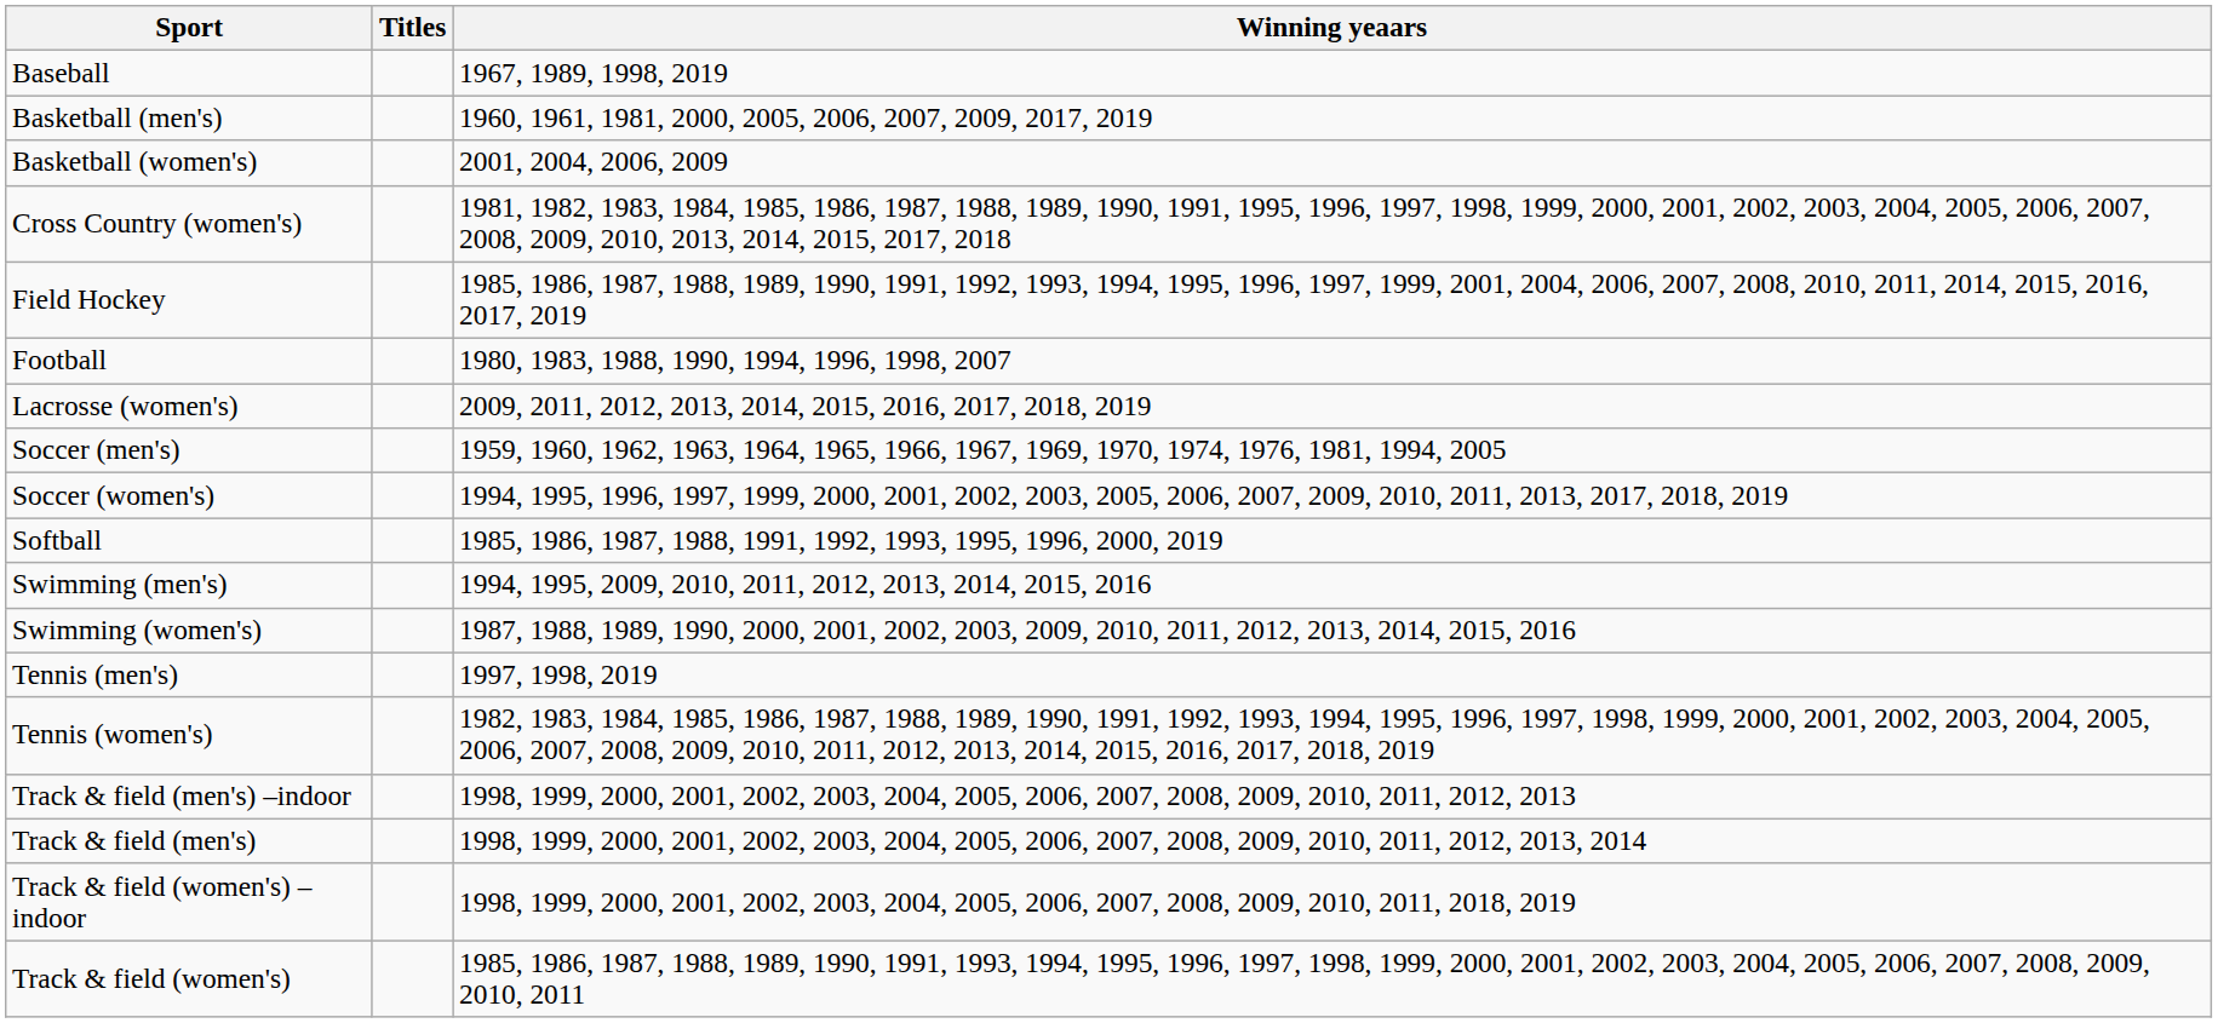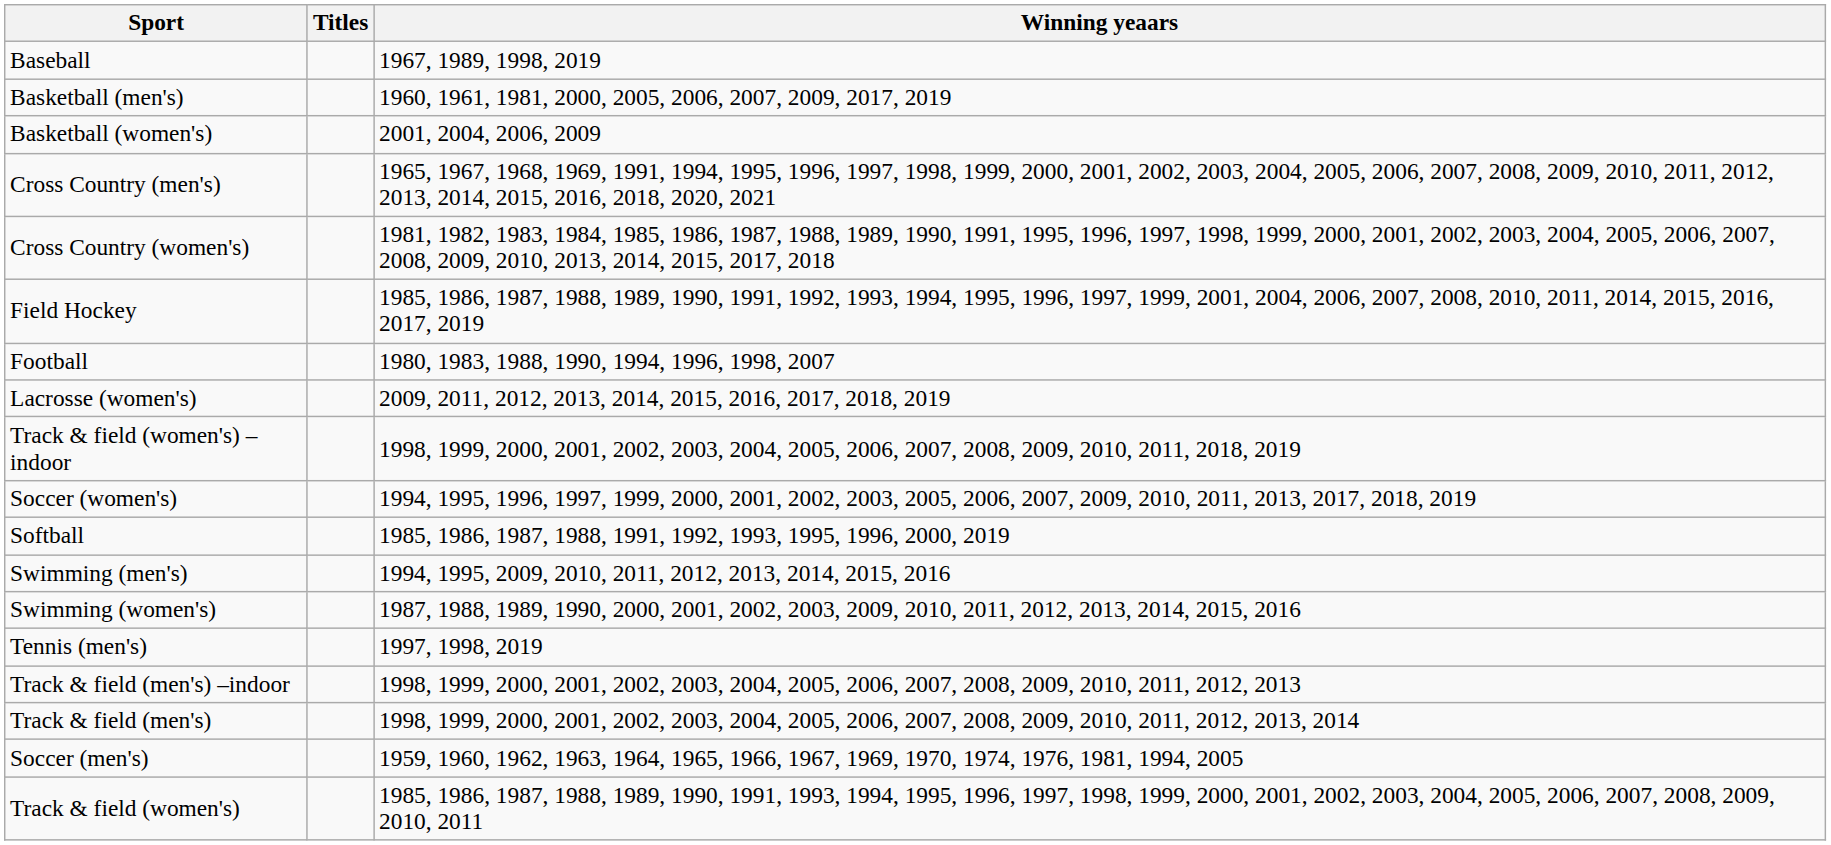 <table class="wikitable sortable">
 <tr>
 <th width=200px>Sport</th>
 <th>Titles</th>
 <th>Winning yeaars</th>
 </tr>
 <tr>
 <td>Baseball</td>
 <td></td>
 <td>1967, 1989, 1998, 2019</td>
 </tr>
 <tr>
 <td>Basketball (men's)</td>
 <td></td>
 <td>1960, 1961, 1981, 2000, 2005, 2006, 2007, 2009, 2017, 2019</td>
 </tr>
 <tr>
 <td>Basketball (women's)</td>
 <td></td>
 <td>2001, 2004, 2006, 2009</td>
 </tr>
 <tr>
+<td>Cross Country (men's)</td>
+<td></td>
+<td>1965, 1967, 1968, 1969, 1991, 1994, 1995, 1996, 1997, 1998, 1999, 2000, 2001, 2002, 2003, 2004, 2005, 2006, 2007, 2008, 2009, 2010, 2011, 2012, 2013, 2014, 2015, 2016, 2018, 2020, 2021</td>
+</tr>
+<tr>
 <td>Cross Country (women's)</td>
 <td></td>
 <td>1981, 1982, 1983, 1984, 1985, 1986, 1987, 1988, 1989, 1990, 1991, 1995, 1996, 1997, 1998, 1999, 2000, 2001, 2002, 2003, 2004, 2005, 2006, 2007, 2008, 2009, 2010, 2013, 2014, 2015, 2017, 2018</td>
 </tr>
 <tr>
 <td>Field Hockey</td>
 <td></td>
 <td>1985, 1986, 1987, 1988, 1989, 1990, 1991, 1992, 1993, 1994, 1995, 1996, 1997, 1999, 2001, 2004, 2006, 2007, 2008, 2010, 2011, 2014, 2015, 2016, 2017, 2019</td>
 </tr>
 <tr>
 <td>Football</td>
 <td></td>
 <td>1980, 1983, 1988, 1990, 1994, 1996, 1998, 2007</td>
 </tr>
 <tr>
 <td>Lacrosse (women's)</td>
 <td></td>
 <td>2009, 2011, 2012, 2013, 2014, 2015, 2016, 2017, 2018, 2019</td>
 </tr>
 <tr>
-<td>Soccer (men's)</td>
+<td>Track & field (women's) –indoor</td>
 <td></td>
-<td>1959, 1960, 1962, 1963, 1964, 1965, 1966, 1967, 1969, 1970, 1974, 1976, 1981, 1994, 2005</td>
+<td>1998, 1999, 2000, 2001, 2002, 2003, 2004, 2005, 2006, 2007, 2008, 2009, 2010, 2011, 2018, 2019</td>
 </tr>
 <tr>
 <td>Soccer (women's)</td>
 <td></td>
 <td>1994, 1995, 1996, 1997, 1999, 2000, 2001, 2002, 2003, 2005, 2006, 2007, 2009, 2010, 2011, 2013, 2017, 2018, 2019</td>
 </tr>
 <tr>
 <td>Softball</td>
 <td></td>
 <td>1985, 1986, 1987, 1988, 1991, 1992, 1993, 1995, 1996, 2000, 2019</td>
 </tr>
 <tr>
 <td>Swimming (men's)</td>
 <td></td>
 <td>1994, 1995, 2009, 2010, 2011, 2012, 2013, 2014, 2015, 2016</td>
 </tr>
 <tr>
 <td>Swimming (women's)</td>
 <td></td>
 <td>1987, 1988, 1989, 1990, 2000, 2001, 2002, 2003, 2009, 2010, 2011, 2012, 2013, 2014, 2015, 2016</td>
 </tr>
 <tr>
 <td>Tennis (men's)</td>
 <td></td>
 <td>1997, 1998, 2019</td>
 </tr>
 <tr>
-<td>Tennis (women's)</td>
-<td></td>
-<td>1982, 1983, 1984, 1985, 1986, 1987, 1988, 1989, 1990, 1991, 1992, 1993, 1994, 1995, 1996, 1997, 1998, 1999, 2000, 2001, 2002, 2003, 2004, 2005, 2006, 2007, 2008, 2009, 2010, 2011, 2012, 2013, 2014, 2015, 2016, 2017, 2018, 2019</td>
-</tr>
-<tr>
 <td>Track & field (men's) –indoor</td>
 <td></td>
 <td>1998, 1999, 2000, 2001, 2002, 2003, 2004, 2005, 2006, 2007, 2008, 2009, 2010, 2011, 2012, 2013</td>
 </tr>
 <tr>
 <td>Track & field (men's)</td>
 <td></td>
 <td>1998, 1999, 2000, 2001, 2002, 2003, 2004, 2005, 2006, 2007, 2008, 2009, 2010, 2011, 2012, 2013, 2014</td>
 </tr>
 <tr>
-<td>Track & field (women's) –indoor</td>
+<td>Soccer (men's)</td>
 <td></td>
-<td>1998, 1999, 2000, 2001, 2002, 2003, 2004, 2005, 2006, 2007, 2008, 2009, 2010, 2011, 2018, 2019</td>
+<td>1959, 1960, 1962, 1963, 1964, 1965, 1966, 1967, 1969, 1970, 1974, 1976, 1981, 1994, 2005</td>
 </tr>
 <tr>
 <td>Track & field (women's)</td>
 <td></td>
 <td>1985, 1986, 1987, 1988, 1989, 1990, 1991, 1993, 1994, 1995, 1996, 1997, 1998, 1999, 2000, 2001, 2002, 2003, 2004, 2005, 2006, 2007, 2008, 2009, 2010, 2011 </td>
 </tr>
 </table>
